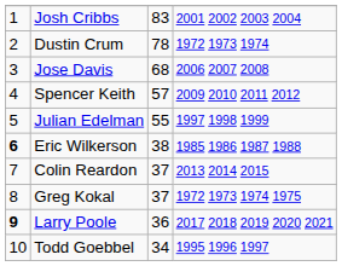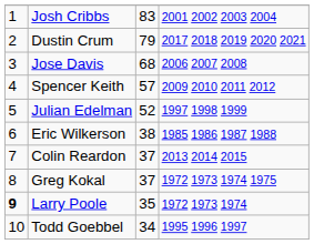 <table class="wikitable" style="display:inline-table;">
 <tr>
 </tr>
 <tr>
 <td>1</td>
 <td><a href='#'>Josh Cribbs</a></td>
 <td><abbr>83</abbr></td>
 <td style="font-size:80%;"><a href='#'>2001</a> <a href='#'>2002</a> <a href='#'>2003</a> <a href='#'>2004</a></td>
 </tr>
 <tr>
 <td>2</td>
 <td>Dustin Crum</td>
-<td><abbr>78</abbr></td>
-<td style="font-size:80%;"><a href='#'>1972</a> <a href='#'>1973</a> <a href='#'>1974</a></td>
+<td><abbr>79</abbr></td>
+<td style="font-size:80%;"><a href='#'>2017</a> <a href='#'>2018</a> <a href='#'>2019</a> <a href='#'>2020</a> <a href='#'>2021</a></td>
 </tr>
 <tr>
 <td>3</td>
 <td><a href='#'>Jose Davis</a></td>
 <td><abbr>68</abbr></td>
 <td style="font-size:80%;"><a href='#'>2006</a> <a href='#'>2007</a> <a href='#'>2008</a></td>
 </tr>
 <tr>
 <td>4</td>
 <td>Spencer Keith</td>
 <td><abbr>57</abbr></td>
 <td style="font-size:80%;"><a href='#'>2009</a> <a href='#'>2010</a> <a href='#'>2011</a> <a href='#'>2012</a></td>
 </tr>
 <tr>
 <td>5</td>
 <td><a href='#'>Julian Edelman</a></td>
-<td><abbr>55</abbr></td>
+<td><abbr>52</abbr></td>
 <td style="font-size:80%;"><a href='#'>1997</a> <a href='#'>1998</a> <a href='#'>1999</a></td>
 </tr>
 <tr>
-<td><strong>6</strong></td>
+<td>6</td>
 <td>Eric Wilkerson</td>
 <td><abbr>38</abbr></td>
 <td style="font-size:80%;"><a href='#'>1985</a> <a href='#'>1986</a> <a href='#'>1987</a> <a href='#'>1988</a></td>
 </tr>
 <tr>
 <td>7</td>
 <td>Colin Reardon</td>
 <td><abbr>37</abbr></td>
 <td style="font-size:80%;"><a href='#'>2013</a> <a href='#'>2014</a> <a href='#'>2015</a></td>
 </tr>
 <tr>
 <td>8</td>
 <td>Greg Kokal</td>
 <td><abbr>37</abbr></td>
 <td style="font-size:80%;"><a href='#'>1972</a> <a href='#'>1973</a> <a href='#'>1974</a> <a href='#'>1975</a></td>
 </tr>
 <tr>
 <td><strong>9</strong></td>
 <td><a href='#'>Larry Poole</a></td>
-<td><abbr>36</abbr></td>
-<td style="font-size:80%;"><a href='#'>2017</a> <a href='#'>2018</a> <a href='#'>2019</a> <a href='#'>2020</a> <a href='#'>2021</a></td>
+<td><abbr>35</abbr></td>
+<td style="font-size:80%;"><a href='#'>1972</a> <a href='#'>1973</a> <a href='#'>1974</a></td>
 </tr>
 <tr>
 <td>10</td>
 <td>Todd Goebbel</td>
 <td><abbr>34</abbr></td>
 <td style="font-size:80%;"><a href='#'>1995</a> <a href='#'>1996</a> <a href='#'>1997</a></td>
 </tr>
 </table>
